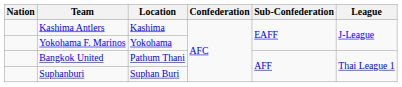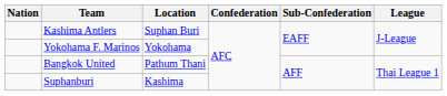 <table class="wikitable sortable">
 <tr>
 <th>Nation</th>
 <th>Team</th>
 <th>Location</th>
 <th>Confederation</th>
 <th>Sub-Confederation</th>
 <th>League</th>
 </tr>
 <tr>
 <td></td>
 <td><a href='#'>Kashima Antlers</a></td>
-<td><a href='#'>Kashima</a></td>
+<td><a href='#'>Suphan Buri</a></td>
 <td rowspan="4"><a href='#'>AFC</a></td>
 <td rowspan="2"><a href='#'>EAFF</a></td>
 <td rowspan="2"><a href='#'>J-League</a></td>
 </tr>
 <tr>
 <td></td>
 <td><a href='#'>Yokohama F. Marinos</a></td>
 <td><a href='#'>Yokohama</a></td>
 </tr>
 <tr>
 <td></td>
 <td><a href='#'>Bangkok United</a></td>
 <td><a href='#'>Pathum Thani</a></td>
 <td rowspan="2"><a href='#'>AFF</a></td>
 <td rowspan="2"><a href='#'>Thai League 1</a></td>
 </tr>
 <tr>
 <td></td>
 <td><a href='#'>Suphanburi</a></td>
-<td><a href='#'>Suphan Buri</a></td>
+<td><a href='#'>Kashima</a></td>
 </tr>
 </table>
